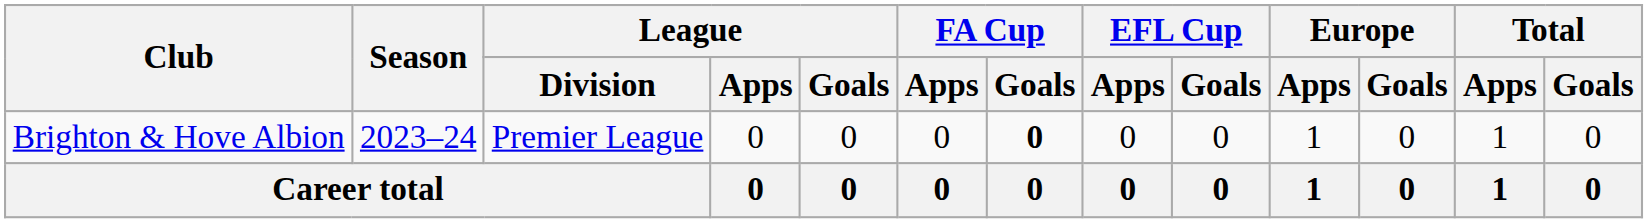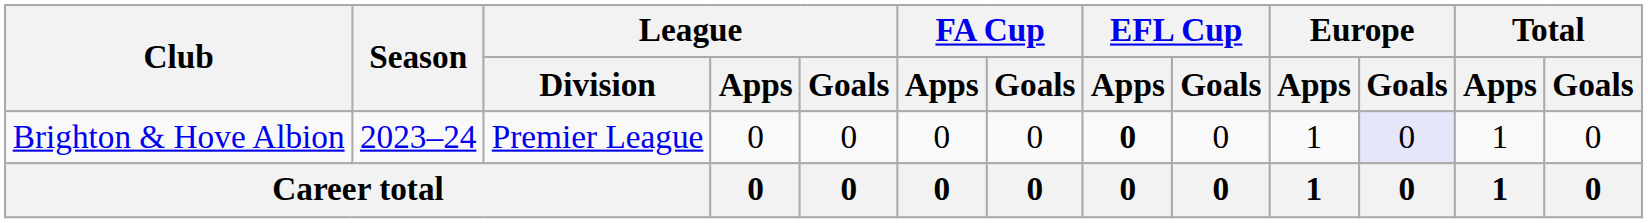 <table class="wikitable" style="text-align: center;">
 <tr>
 <th rowspan="2">Club</th>
 <th rowspan="2">Season</th>
 <th colspan="3">League</th>
 <th colspan="2"><a href='#'>FA Cup</a></th>
 <th colspan="2"><a href='#'>EFL Cup</a></th>
 <th colspan="2">Europe</th>
 <th colspan="2">Total</th>
 </tr>
 <tr>
 <th>Division</th>
 <th>Apps</th>
 <th>Goals</th>
 <th>Apps</th>
 <th>Goals</th>
 <th>Apps</th>
 <th>Goals</th>
 <th>Apps</th>
 <th>Goals</th>
 <th>Apps</th>
 <th>Goals</th>
 </tr>
 <tr>
 <td><a href='#'>Brighton & Hove Albion</a></td>
 <td><a href='#'>2023–24</a></td>
 <td><a href='#'>Premier League</a></td>
 <td>0</td>
 <td>0</td>
 <td>0</td>
+<td>0</td>
 <td><strong>0</strong></td>
 <td>0</td>
-<td>0</td>
 <td>1</td>
-<td>0</td>
+<td style="background: lavender;">0</td>
 <td>1</td>
 <td>0</td>
 </tr>
 <tr>
 <th colspan="3">Career total</th>
 <th>0</th>
 <th>0</th>
 <th>0</th>
 <th>0</th>
 <th>0</th>
 <th>0</th>
 <th>1</th>
 <th>0</th>
 <th>1</th>
 <th>0</th>
 </tr>
 </table>
